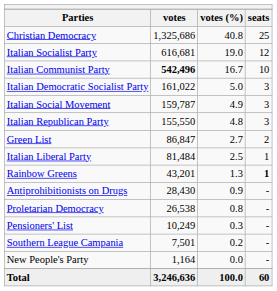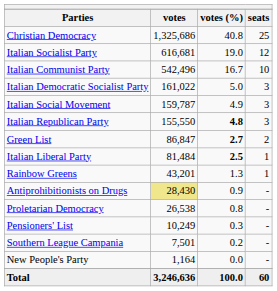 <table class="wikitable" style="font-size:95%">
 <tr>
 <th colspan=4></th>
 </tr>
 <tr>
 </tr>
 <tr bgcolor="EFEFEF">
 <th>Parties</th>
 <th>votes</th>
 <th>votes (%)</th>
 <th>seats</th>
 </tr>
 <tr>
 <td><a href='#'>Christian Democracy</a></td>
 <td align=right>1,325,686</td>
 <td align=right>40.8</td>
 <td align=right>25</td>
 </tr>
 <tr>
 <td><a href='#'>Italian Socialist Party</a></td>
 <td align=right>616,681</td>
 <td align=right>19.0</td>
 <td align=right>12</td>
 </tr>
 <tr>
 <td><a href='#'>Italian Communist Party</a></td>
-<td align=right><strong>542,496</strong></td>
+<td align=right>542,496</td>
 <td align=right>16.7</td>
 <td align=right>10</td>
 </tr>
 <tr>
 <td><a href='#'>Italian Democratic Socialist Party</a></td>
 <td align=right>161,022</td>
 <td align=right>5.0</td>
 <td align=right>3</td>
 </tr>
 <tr>
 <td><a href='#'>Italian Social Movement</a></td>
 <td align=right>159,787</td>
 <td align=right>4.9</td>
 <td align=right>3</td>
 </tr>
 <tr>
 <td><a href='#'>Italian Republican Party</a></td>
 <td align=right>155,550</td>
-<td align=right>4.8</td>
+<td align=right><strong>4.8</strong></td>
 <td align=right>3</td>
 </tr>
 <tr>
 <td><a href='#'>Green List</a></td>
 <td align=right>86,847</td>
-<td align=right>2.7</td>
+<td align=right><strong>2.7</strong></td>
 <td align=right>2</td>
 </tr>
 <tr>
 <td><a href='#'>Italian Liberal Party</a></td>
 <td align=right>81,484</td>
-<td align=right>2.5</td>
+<td align=right><strong>2.5</strong></td>
 <td align=right>1</td>
 </tr>
 <tr>
 <td><a href='#'>Rainbow Greens</a></td>
 <td align=right>43,201</td>
 <td align=right>1.3</td>
-<td align=right><strong>1</strong></td>
+<td align=right>1</td>
 </tr>
 <tr>
 <td><a href='#'>Antiprohibitionists on Drugs</a></td>
-<td align=right>28,430</td>
+<td align=right style="background: khaki;">28,430</td>
 <td align=right>0.9</td>
 <td align=right>-</td>
 </tr>
 <tr>
 <td><a href='#'>Proletarian Democracy</a></td>
 <td align=right>26,538</td>
 <td align=right>0.8</td>
 <td align=right>-</td>
 </tr>
 <tr>
 <td><a href='#'>Pensioners' List</a></td>
 <td align=right>10,249</td>
 <td align=right>0.3</td>
 <td align=right>-</td>
 </tr>
 <tr>
 <td><a href='#'>Southern League Campania</a></td>
 <td align=right>7,501</td>
 <td align=right>0.2</td>
 <td align=right>-</td>
 </tr>
 <tr>
 <td>New People's Party</td>
 <td align=right>1,164</td>
 <td align=right>0.0</td>
 <td align=right>-</td>
 </tr>
 <tr>
 </tr>
 <tr bgcolor="EFEFEF">
 <td><strong>Total</strong></td>
 <td align=right><strong>3,246,636</strong></td>
 <td align=right><strong>100.0</strong></td>
 <td align=right><strong>60</strong></td>
 </tr>
 </table>
